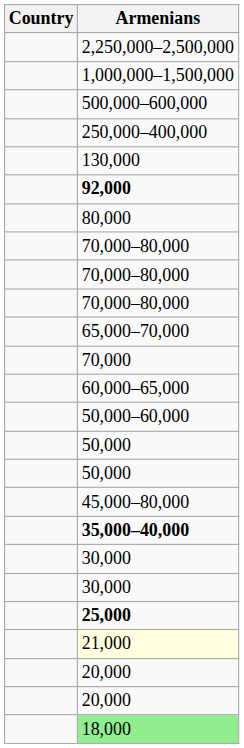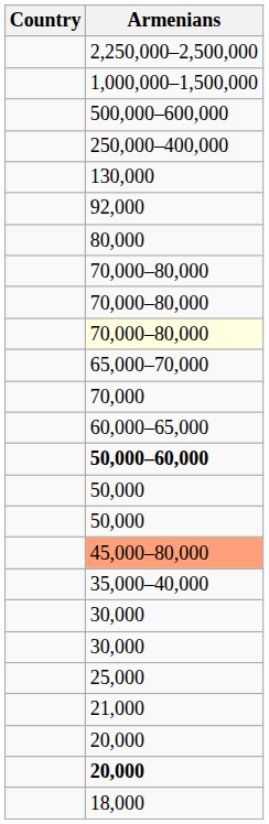 <table class="wikitable">
 <tr>
 <th>Country</th>
 <th>Armenians</th>
 </tr>
 <tr>
 <td></td>
 <td>2,250,000–2,500,000</td>
 </tr>
 <tr>
 <td></td>
 <td>1,000,000–1,500,000</td>
 </tr>
 <tr>
 <td></td>
 <td>500,000–600,000</td>
 </tr>
 <tr>
 <td></td>
 <td>250,000–400,000</td>
 </tr>
 <tr>
 <td></td>
 <td>130,000</td>
 </tr>
 <tr>
 <td></td>
-<td><strong>92,000</strong></td>
+<td>92,000</td>
 </tr>
 <tr>
 <td></td>
 <td>80,000</td>
 </tr>
 <tr>
 <td></td>
 <td>70,000–80,000</td>
 </tr>
 <tr>
 <td></td>
 <td>70,000–80,000</td>
 </tr>
 <tr>
 <td></td>
-<td>70,000–80,000</td>
+<td style="background: lightyellow;">70,000–80,000</td>
 </tr>
 <tr>
 <td></td>
 <td>65,000–70,000</td>
 </tr>
 <tr>
 <td></td>
 <td>70,000</td>
 </tr>
 <tr>
 <td></td>
 <td>60,000–65,000</td>
 </tr>
 <tr>
 <td></td>
-<td>50,000–60,000</td>
+<td><strong>50,000–60,000</strong></td>
 </tr>
 <tr>
 <td></td>
 <td>50,000</td>
 </tr>
 <tr>
 <td></td>
 <td>50,000</td>
 </tr>
 <tr>
 <td></td>
-<td>45,000–80,000</td>
+<td style="background: lightsalmon;">45,000–80,000</td>
 </tr>
 <tr>
 <td></td>
-<td><strong>35,000–40,000</strong></td>
+<td>35,000–40,000</td>
 </tr>
 <tr>
 <td></td>
 <td>30,000</td>
 </tr>
 <tr>
 <td></td>
 <td>30,000</td>
 </tr>
 <tr>
 <td></td>
-<td><strong>25,000</strong></td>
+<td>25,000</td>
 </tr>
 <tr>
 <td></td>
-<td style="background: lightyellow;">21,000</td>
+<td>21,000</td>
 </tr>
 <tr>
 <td></td>
 <td>20,000</td>
 </tr>
 <tr>
 <td></td>
-<td>20,000</td>
+<td><strong>20,000</strong></td>
 </tr>
 <tr>
 <td></td>
-<td style="background: lightgreen;">18,000</td>
+<td>18,000</td>
 </tr>
 <tr>
 </tr>
 </table>
